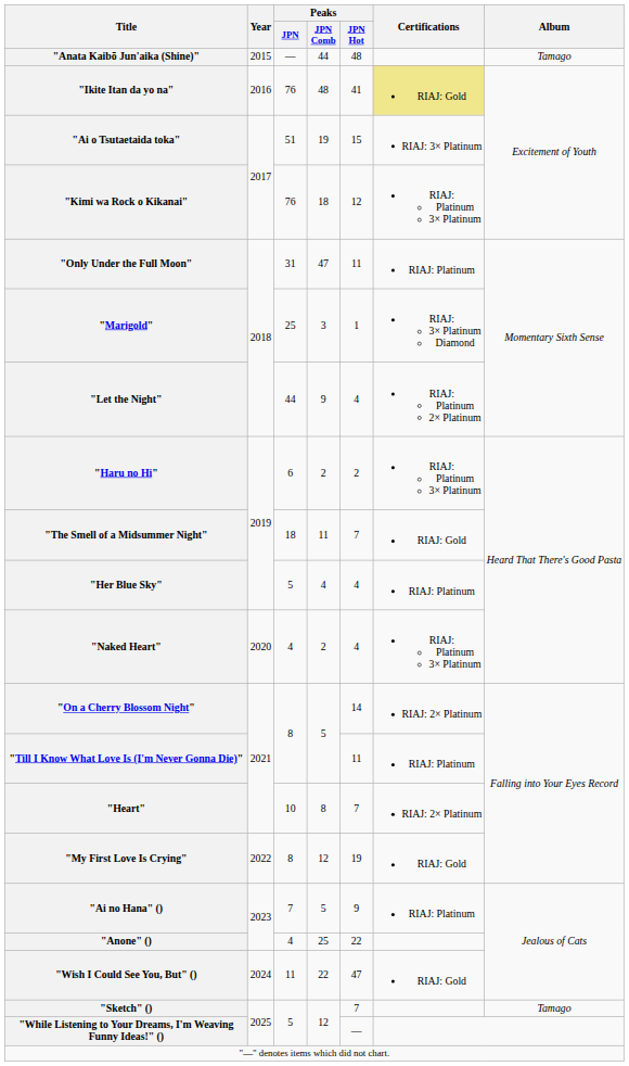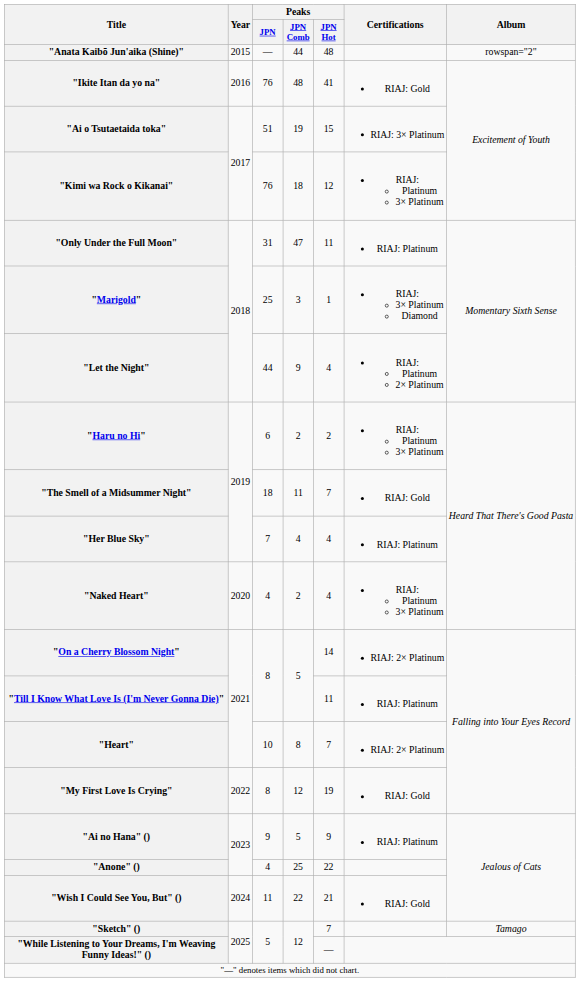 <table class="wikitable plainrowheaders" style="text-align:center;">
 <tr>
 <th scope="col" rowspan="2" style="width:22.5em">Title</th>
 <th scope="col" rowspan="2">Year</th>
 <th scope="col" colspan="3">Peaks</th>
 <th scope="col" rowspan="2">Certifications</th>
 <th scope="col" rowspan="2">Album</th>
 </tr>
 <tr>
 <th scope="col" style="width:3em;font-size:90%;"><a href='#'>JPN</a><br></th>
 <th scope="col" style="width:3em;font-size:90%;"><a href='#'>JPN<br>Comb</a><br></th>
 <th scope="col" style="width:3em;font-size:90%;"><a href='#'>JPN<br>Hot</a><br></th>
 </tr>
 <tr>
 <th scope="row">"Anata Kaibō Jun'aika (Shine)" </th>
 <td>2015</td>
 <td>—</td>
 <td>44</td>
 <td>48</td>
 <td></td>
-<td><em>Tamago</em></td>
+<td>rowspan="2" </td>
 </tr>
 <tr>
 <th scope="row">"Ikite Itan da yo na" </th>
 <td>2016</td>
 <td>76</td>
 <td>48</td>
 <td>41</td>
-<td style="background: khaki;"><br><ul><li>RIAJ: Gold </li></ul></td>
+<td><br><ul><li>RIAJ: Gold </li></ul></td>
 <td rowspan="3"><em>Excitement of Youth</em></td>
 </tr>
 <tr>
 <th scope="row">"Ai o Tsutaetaida toka" </th>
 <td rowspan="2">2017</td>
 <td>51</td>
 <td>19</td>
 <td>15</td>
 <td><br><ul><li>RIAJ: 3× Platinum </li></ul></td>
 </tr>
 <tr>
 <th scope="row">"Kimi wa Rock o Kikanai" </th>
 <td>76</td>
 <td>18</td>
 <td>12</td>
 <td><br><ul><li>RIAJ:<ul><li>Platinum </li><li>3× Platinum </li></ul></li></ul></td>
 </tr>
 <tr>
 <th scope="row">"Only Under the Full Moon" </th>
 <td rowspan="3">2018</td>
 <td>31</td>
 <td>47</td>
 <td>11</td>
 <td><br><ul><li>RIAJ: Platinum </li></ul></td>
 <td rowspan="3"><em>Momentary Sixth Sense</em></td>
 </tr>
 <tr>
 <th scope="row">"<a href='#'>Marigold</a>" </th>
 <td>25</td>
 <td>3</td>
 <td>1</td>
 <td><br><ul><li>RIAJ:<ul><li>3× Platinum </li><li>Diamond </li></ul></li></ul></td>
 </tr>
 <tr>
 <th scope="row">"Let the Night" </th>
 <td>44</td>
 <td>9</td>
 <td>4</td>
 <td><br><ul><li>RIAJ:<ul><li>Platinum </li><li>2× Platinum </li></ul></li></ul></td>
 </tr>
 <tr>
 <th scope="row">"<a href='#'>Haru no Hi</a>" </th>
 <td rowspan="3">2019</td>
 <td>6</td>
 <td>2</td>
 <td>2</td>
 <td><br><ul><li>RIAJ:<ul><li>Platinum </li><li>3× Platinum </li></ul></li></ul></td>
 <td rowspan="4"><em>Heard That There's Good Pasta</em></td>
 </tr>
 <tr>
 <th scope="row">"The Smell of a Midsummer Night" </th>
 <td>18</td>
 <td>11</td>
 <td>7</td>
 <td><br><ul><li>RIAJ: Gold </li></ul></td>
 </tr>
 <tr>
 <th scope="row">"Her Blue Sky" </th>
-<td>5</td>
+<td>7</td>
 <td>4</td>
 <td>4</td>
 <td><br><ul><li>RIAJ: Platinum </li></ul></td>
 </tr>
 <tr>
 <th scope="row">"Naked Heart" </th>
 <td>2020</td>
 <td>4</td>
 <td>2</td>
 <td>4</td>
 <td><br><ul><li>RIAJ:<ul><li>Platinum </li><li>3× Platinum </li></ul></li></ul></td>
 </tr>
 <tr>
 <th scope="row">"<a href='#'>On a Cherry Blossom Night</a>" </th>
 <td rowspan=3>2021</td>
 <td rowspan=2>8</td>
 <td rowspan=2>5</td>
 <td>14</td>
 <td><br><ul><li>RIAJ: 2× Platinum </li></ul></td>
 <td rowspan=4><em>Falling into Your Eyes Record</em></td>
 </tr>
 <tr>
 <th scope="row">"<a href='#'>Till I Know What Love Is (I'm Never Gonna Die)</a>" </th>
 <td>11</td>
 <td><br><ul><li>RIAJ: Platinum </li></ul></td>
 </tr>
 <tr>
 <th scope="row">"Heart" </th>
 <td>10</td>
 <td>8</td>
 <td>7</td>
 <td><br><ul><li>RIAJ: 2× Platinum </li></ul></td>
 </tr>
 <tr>
 <th scope="row">"My First Love Is Crying" </th>
 <td>2022</td>
 <td>8</td>
 <td>12</td>
 <td>19</td>
 <td><br><ul><li>RIAJ: Gold </li></ul></td>
 </tr>
 <tr>
 <th scope="row">"Ai no Hana" ()</th>
 <td rowspan="2">2023</td>
-<td>7</td>
+<td>9</td>
 <td>5</td>
 <td>9</td>
 <td><br><ul><li>RIAJ: Platinum </li></ul></td>
 <td rowspan="3"><em>Jealous of Cats</em></td>
 </tr>
 <tr>
 <th scope="row">"Anone" ()</th>
 <td>4</td>
 <td>25</td>
 <td>22</td>
 <td></td>
 </tr>
 <tr>
 <th scope="row">"Wish I Could See You, But" ()</th>
 <td>2024</td>
 <td>11</td>
 <td>22</td>
-<td>47</td>
+<td>21</td>
 <td><br><ul><li>RIAJ: Gold </li></ul></td>
 </tr>
 <tr>
 <th scope="row">"Sketch" ()</th>
 <td rowspan="2">2025</td>
 <td rowspan="2">5</td>
 <td rowspan="2">12</td>
 <td>7</td>
 <td></td>
 <td><em>Tamago</em></td>
 </tr>
 <tr>
 <th scope="row">"While Listening to Your Dreams, I'm Weaving Funny Ideas!" ()</th>
 <td>—</td>
 </tr>
 <tr>
 <td colspan="12" style="font-size:90%;">"—" denotes items which did not chart.</td>
 </tr>
 </table>
